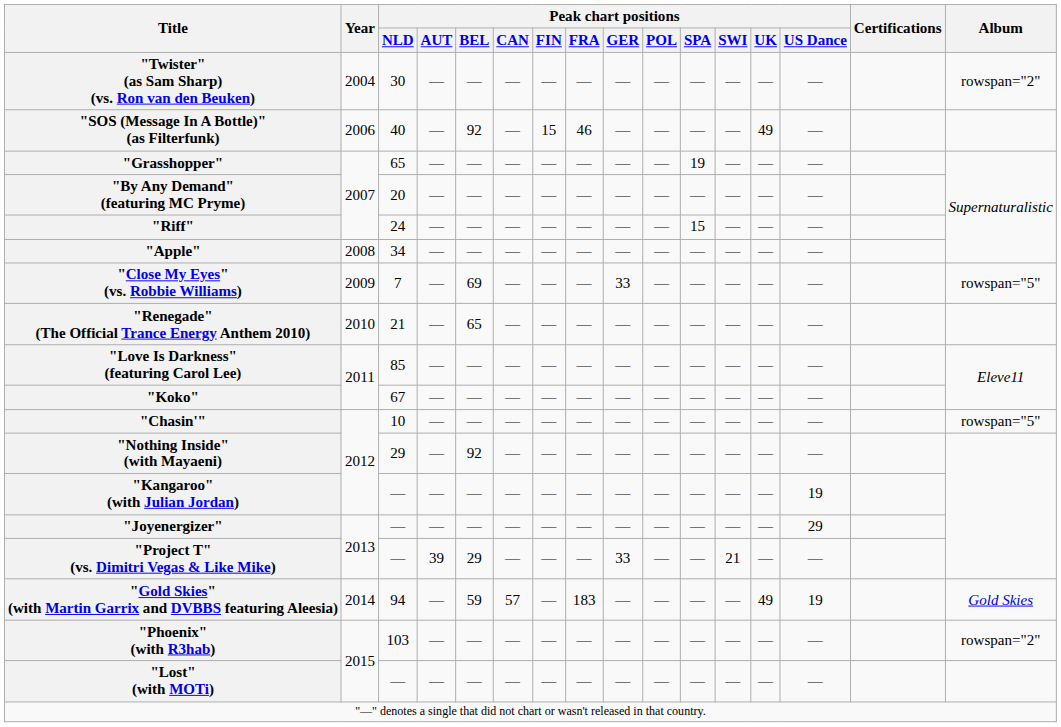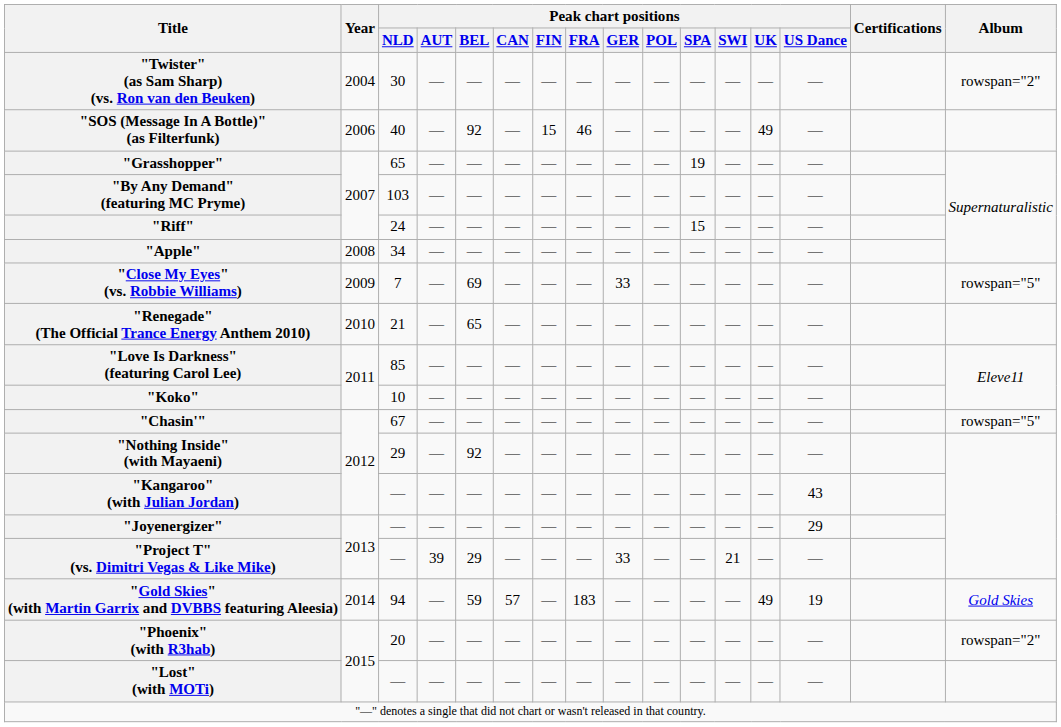 <table class="wikitable plainrowhearders" style="text-align:center;">
 <tr>
 <th scope="col" rowspan="2">Title</th>
 <th scope="col" rowspan="2">Year</th>
 <th scope="col" colspan="12">Peak chart positions</th>
 <th scope="col" rowspan="2">Certifications</th>
 <th scope="col" rowspan="2">Album</th>
 </tr>
 <tr>
 <th scope="row"><span><a href='#'>NLD</a></span><br></th>
 <th scope="row"><span><a href='#'>AUT</a></span><br></th>
 <th scope="row"><span><a href='#'>BEL</a></span><br></th>
 <th scope="row"><span><a href='#'>CAN</a></span><br></th>
 <th scope="row"><span><a href='#'>FIN</a></span><br></th>
 <th scope="row"><span><a href='#'>FRA</a></span><br></th>
 <th scope="row"><span><a href='#'>GER</a></span><br></th>
 <th scope="row"><span><a href='#'>POL</a></span><br></th>
 <th scope="row"><span><a href='#'>SPA</a></span><br></th>
 <th scope="row"><span><a href='#'>SWI</a></span><br></th>
 <th scope="row"><span><a href='#'>UK</a></span></th>
 <th scope="row"><span><a href='#'>US Dance</a></span><br></th>
 </tr>
 <tr>
 <th scope="row">"Twister"<br><span>(as Sam Sharp)<br>(vs. <a href='#'>Ron van den Beuken</a>)</span></th>
 <td>2004</td>
 <td>30</td>
 <td>—</td>
 <td>—</td>
 <td>—</td>
 <td>—</td>
 <td>—</td>
 <td>—</td>
 <td>—</td>
 <td>—</td>
 <td>—</td>
 <td>—</td>
 <td>—</td>
 <td></td>
 <td>rowspan="2" </td>
 </tr>
 <tr>
 <th scope="row">"SOS (Message In A Bottle)"<br><span>(as Filterfunk)</span></th>
 <td>2006</td>
 <td>40</td>
 <td>—</td>
 <td>92</td>
 <td>—</td>
 <td>15</td>
 <td>46</td>
 <td>—</td>
 <td>—</td>
 <td>—</td>
 <td>—</td>
 <td>49</td>
 <td>—</td>
 <td></td>
 </tr>
 <tr>
 <th scope=row>"Grasshopper"</th>
 <td rowspan="3">2007</td>
 <td>65</td>
 <td>—</td>
 <td>—</td>
 <td>—</td>
 <td>—</td>
 <td>—</td>
 <td>—</td>
 <td>—</td>
 <td>19</td>
 <td>—</td>
 <td>—</td>
 <td>—</td>
 <td></td>
 <td rowspan="4"><em>Supernaturalistic</em></td>
 </tr>
 <tr>
 <th scope="row">"By Any Demand"<br><span>(featuring MC Pryme)</span></th>
-<td>20</td>
+<td>103</td>
 <td>—</td>
 <td>—</td>
 <td>—</td>
 <td>—</td>
 <td>—</td>
 <td>—</td>
 <td>—</td>
 <td>—</td>
 <td>—</td>
 <td>—</td>
 <td>—</td>
 <td></td>
 </tr>
 <tr>
 <th scope="row">"Riff"</th>
 <td>24</td>
 <td>—</td>
 <td>—</td>
 <td>—</td>
 <td>—</td>
 <td>—</td>
 <td>—</td>
 <td>—</td>
 <td>15</td>
 <td>—</td>
 <td>—</td>
 <td>—</td>
 <td></td>
 </tr>
 <tr>
 <th scope="row">"Apple"</th>
 <td>2008</td>
 <td>34</td>
 <td>—</td>
 <td>—</td>
 <td>—</td>
 <td>—</td>
 <td>—</td>
 <td>—</td>
 <td>—</td>
 <td>—</td>
 <td>—</td>
 <td>—</td>
 <td>—</td>
 <td></td>
 </tr>
 <tr>
 <th scope="row">"<a href='#'>Close My Eyes</a>"<br><span>(vs. <a href='#'>Robbie Williams</a>)</span></th>
 <td>2009</td>
 <td>7</td>
 <td>—</td>
 <td>69</td>
 <td>—</td>
 <td>—</td>
 <td>—</td>
 <td>33</td>
 <td>—</td>
 <td>—</td>
 <td>—</td>
 <td>—</td>
 <td>—</td>
 <td></td>
 <td>rowspan="5" </td>
 </tr>
 <tr>
 <th scope="row">"Renegade"<br><span>(The Official <a href='#'>Trance Energy</a> Anthem 2010)</span></th>
 <td>2010</td>
 <td>21</td>
 <td>—</td>
 <td>65</td>
 <td>—</td>
 <td>—</td>
 <td>—</td>
 <td>—</td>
 <td>—</td>
 <td>—</td>
 <td>—</td>
 <td>—</td>
 <td>—</td>
 <td></td>
 </tr>
 <tr>
 <th scope="row">"Love Is Darkness"<br><span>(featuring Carol Lee)</span></th>
 <td rowspan="2">2011</td>
 <td>85</td>
 <td>—</td>
 <td>—</td>
 <td>—</td>
 <td>—</td>
 <td>—</td>
 <td>—</td>
 <td>—</td>
 <td>—</td>
 <td>—</td>
 <td>—</td>
 <td>—</td>
 <td></td>
 <td rowspan="2"><em>Eleve11</em></td>
 </tr>
 <tr>
 <th scope="row">"Koko"</th>
-<td>67</td>
+<td>10</td>
 <td>—</td>
 <td>—</td>
 <td>—</td>
 <td>—</td>
 <td>—</td>
 <td>—</td>
 <td>—</td>
 <td>—</td>
 <td>—</td>
 <td>—</td>
 <td>—</td>
 <td></td>
 </tr>
 <tr>
 <th scope="row">"Chasin'"</th>
 <td rowspan="3">2012</td>
-<td>10</td>
+<td>67</td>
 <td>—</td>
 <td>—</td>
 <td>—</td>
 <td>—</td>
 <td>—</td>
 <td>—</td>
 <td>—</td>
 <td>—</td>
 <td>—</td>
 <td>—</td>
 <td>—</td>
 <td></td>
 <td>rowspan="5" </td>
 </tr>
 <tr>
 <th scope="row">"Nothing Inside"<br><span>(with Mayaeni)</span></th>
 <td>29</td>
 <td>—</td>
 <td>92</td>
 <td>—</td>
 <td>—</td>
 <td>—</td>
 <td>—</td>
 <td>—</td>
 <td>—</td>
 <td>—</td>
 <td>—</td>
 <td>—</td>
 <td></td>
 </tr>
 <tr>
 <th scope="row">"Kangaroo"<br><span>(with <a href='#'>Julian Jordan</a>)</span></th>
 <td>—</td>
 <td>—</td>
 <td>—</td>
 <td>—</td>
 <td>—</td>
 <td>—</td>
 <td>—</td>
 <td>—</td>
 <td>—</td>
 <td>—</td>
 <td>—</td>
-<td>19</td>
+<td>43</td>
 <td></td>
 </tr>
 <tr>
 <th scope="row">"Joyenergizer"</th>
 <td rowspan="2">2013</td>
 <td>—</td>
 <td>—</td>
 <td>—</td>
 <td>—</td>
 <td>—</td>
 <td>—</td>
 <td>—</td>
 <td>—</td>
 <td>—</td>
 <td>—</td>
 <td>—</td>
 <td>29</td>
 <td></td>
 </tr>
 <tr>
 <th scope="row">"Project T"<br><span>(vs. <a href='#'>Dimitri Vegas & Like Mike</a>)</span></th>
 <td>—</td>
 <td>39</td>
 <td>29</td>
 <td>—</td>
 <td>—</td>
 <td>—</td>
 <td>33</td>
 <td>—</td>
 <td>—</td>
 <td>21</td>
 <td>—</td>
 <td>—</td>
 <td></td>
 </tr>
 <tr>
 <th scope="row">"<a href='#'>Gold Skies</a>"<br><span>(with <a href='#'>Martin Garrix</a> and <a href='#'>DVBBS</a> featuring Aleesia)</span></th>
 <td>2014</td>
 <td>94</td>
 <td>—</td>
 <td>59</td>
 <td>57</td>
 <td>—</td>
 <td>183</td>
 <td>—</td>
 <td>—</td>
 <td>—</td>
 <td>—</td>
 <td>49</td>
 <td>19</td>
 <td></td>
 <td><em><a href='#'>Gold Skies</a></em></td>
 </tr>
 <tr>
 <th scope="row">"Phoenix"<br><span>(with <a href='#'>R3hab</a>)</span></th>
 <td rowspan="2">2015</td>
-<td>103</td>
+<td>20</td>
 <td>—</td>
 <td>—</td>
 <td>—</td>
 <td>—</td>
 <td>—</td>
 <td>—</td>
 <td>—</td>
 <td>—</td>
 <td>—</td>
 <td>—</td>
 <td>—</td>
 <td></td>
 <td>rowspan="2" </td>
 </tr>
 <tr>
 <th scope="row">"Lost"<br><span>(with <a href='#'>MOTi</a>)</span></th>
 <td>—</td>
 <td>—</td>
 <td>—</td>
 <td>—</td>
 <td>—</td>
 <td>—</td>
 <td>—</td>
 <td>—</td>
 <td>—</td>
 <td>—</td>
 <td>—</td>
 <td>—</td>
 <td></td>
 </tr>
 <tr>
 <td colspan="16" style="font-size:80%;">"—" denotes a single that did not chart or wasn't released in that country.</td>
 </tr>
 </table>
